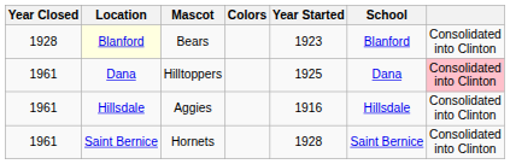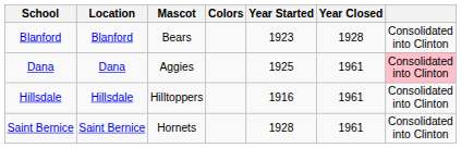 <table class="wikitable" style="text-align:center;">
 <tr>
-<th>Year Closed</th>
+<th>School</th>
 <th>Location</th>
 <th>Mascot</th>
 <th>Colors</th>
 <th>Year Started</th>
-<th>School</th>
+<th>Year Closed</th>
 <th></th>
 </tr>
 <tr>
-<td>1928</td>
-<td style="background: lightyellow;"><a href='#'>Blanford</a></td>
+<td><a href='#'>Blanford</a></td>
+<td><a href='#'>Blanford</a></td>
 <td>Bears</td>
 <td> </td>
 <td>1923</td>
-<td><a href='#'>Blanford</a></td>
+<td>1928</td>
 <td>Consolidated<br>into Clinton</td>
 </tr>
 <tr>
-<td>1961</td>
 <td><a href='#'>Dana</a></td>
-<td>Hilltoppers</td>
+<td><a href='#'>Dana</a></td>
+<td>Aggies</td>
 <td> </td>
 <td>1925</td>
-<td><a href='#'>Dana</a></td>
+<td>1961</td>
 <td style="background: pink;">Consolidated<br>into Clinton</td>
 </tr>
 <tr>
-<td>1961</td>
 <td><a href='#'>Hillsdale</a></td>
-<td>Aggies</td>
+<td><a href='#'>Hillsdale</a></td>
+<td>Hilltoppers</td>
 <td> </td>
 <td>1916</td>
-<td><a href='#'>Hillsdale</a></td>
+<td>1961</td>
 <td>Consolidated<br>into Clinton</td>
 </tr>
 <tr>
-<td>1961</td>
+<td><a href='#'>Saint Bernice</a></td>
 <td><a href='#'>Saint Bernice</a></td>
 <td>Hornets</td>
 <td> </td>
 <td>1928</td>
-<td><a href='#'>Saint Bernice</a></td>
+<td>1961</td>
 <td>Consolidated<br>into Clinton</td>
 </tr>
 </table>
